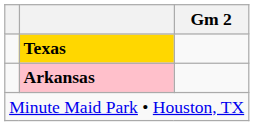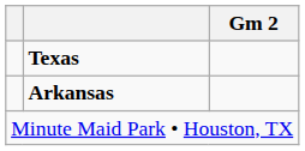 <table class="wikitable" style="float:right; font-size:90%">
 <tr>
 <th style="width: 5px"></th>
 <th style="width: 120px"></th>
 <th>Gm 2</th>
 </tr>
 <tr>
 <td></td>
-<td style="background: gold;"><strong>Texas</strong></td>
+<td><strong>Texas</strong></td>
 <td></td>
 </tr>
 <tr>
 <td></td>
-<td style="background: pink;"><strong>Arkansas</strong></td>
+<td><strong>Arkansas</strong></td>
 <td></td>
 </tr>
 <tr>
 <td colspan=6 style="text-align:center"><a href='#'>Minute Maid Park</a> • <a href='#'>Houston, TX</a><br></td>
 </tr>
 </table>
